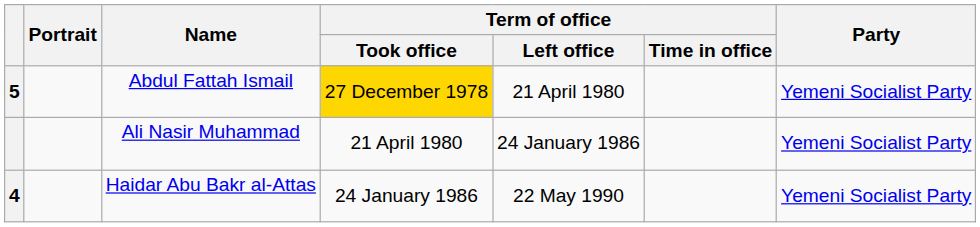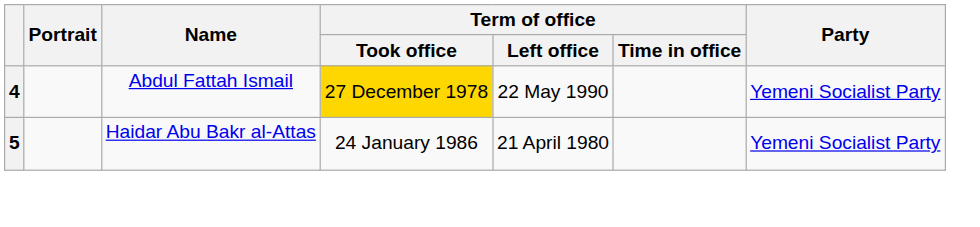 <table class="wikitable" style="text-align:center">
 <tr>
 <th rowspan=2></th>
 <th rowspan=2>Portrait</th>
 <th rowspan=2>Name<br></th>
 <th colspan=3>Term of office</th>
 <th rowspan=2>Party</th>
 </tr>
 <tr>
 <th>Took office</th>
 <th>Left office</th>
 <th>Time in office</th>
 </tr>
 <tr>
-<th style="background:">5</th>
+<th style="background:">4</th>
 <td></td>
 <td rowspan=1><a href='#'>Abdul Fattah Ismail</a><br><br></td>
 <td rowspan=1 style="background: gold;">27 December 1978</td>
+<td rowspan=1>22 May 1990</td>
+<td></td>
+<td rowspan=1><a href='#'>Yemeni Socialist Party</a><br></td>
+</tr>
+<tr>
+<th style="background:">5</th>
+<td></td>
+<td rowspan=1><a href='#'>Haidar Abu Bakr al-Attas</a><br><br></td>
+<td rowspan=1>24 January 1986</td>
 <td rowspan=1>21 April 1980</td>
 <td></td>
 <td rowspan=1><a href='#'>Yemeni Socialist Party</a><br></td>
 </tr>
-<tr>
-<th style="background:"></th>
-<td></td>
-<td rowspan=1><a href='#'>Ali Nasir Muhammad</a><br><br></td>
-<td rowspan=1>21 April 1980</td>
-<td rowspan=1>24 January 1986</td>
-<td></td>
-<td rowspan=1><a href='#'>Yemeni Socialist Party</a><br></td>
-</tr>
-<tr>
-<th style="background:">4</th>
-<td></td>
-<td rowspan=1><a href='#'>Haidar Abu Bakr al-Attas</a><br><br></td>
-<td rowspan=1>24 January 1986</td>
-<td rowspan=1>22 May 1990</td>
-<td></td>
-<td rowspan=1><a href='#'>Yemeni Socialist Party</a><br></td>
-</tr>
 </table>
